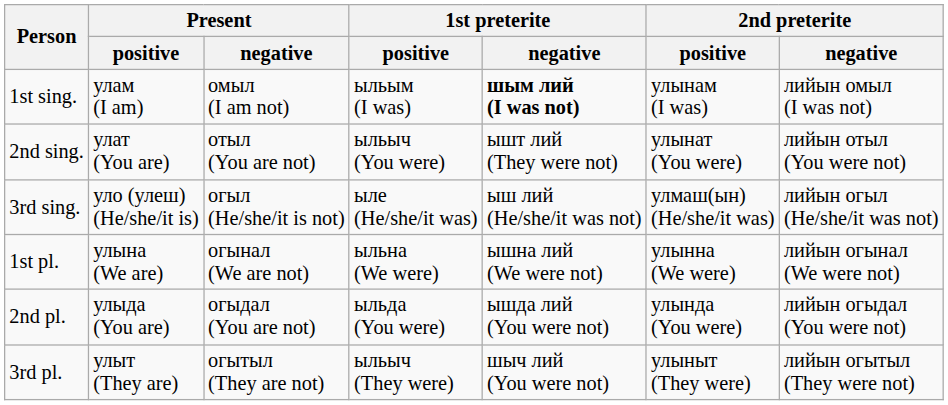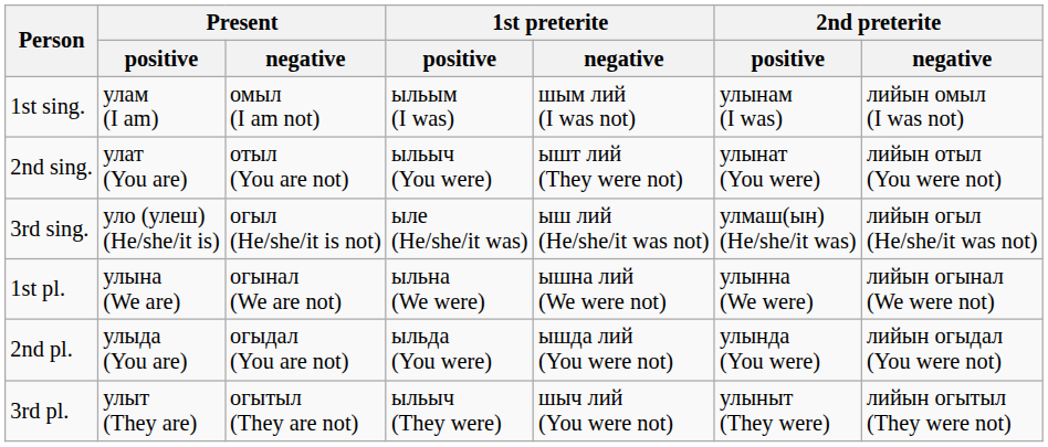 <table class="wikitable">
 <tr>
 <th rowspan="2">Person</th>
 <th colspan="2">Present</th>
 <th colspan="2">1st preterite</th>
 <th colspan="2">2nd preterite</th>
 </tr>
 <tr>
 <th>positive</th>
 <th>negative</th>
 <th>positive</th>
 <th>negative</th>
 <th>positive</th>
 <th>negative</th>
 </tr>
 <tr>
 <td>1st sing.</td>
 <td>улам <br>(I am)</td>
 <td>омыл <br>(I am not)</td>
 <td>ыльым <br>(I was)</td>
-<td><strong>шым лий <br>(I was not)</strong></td>
+<td>шым лий <br>(I was not)</td>
 <td>улынам <br>(I was)</td>
 <td>лийын омыл <br>(I was not)</td>
 </tr>
 <tr>
 <td>2nd sing.</td>
 <td>улат <br>(You are)</td>
 <td>отыл <br>(You are not)</td>
 <td>ыльыч <br>(You were)</td>
 <td>ышт лий <br>(They were not)</td>
 <td>улынат <br>(You were)</td>
 <td>лийын отыл <br>(You were not)</td>
 </tr>
 <tr>
 <td>3rd sing.</td>
 <td>уло (улеш) <br>(He/she/it is)</td>
 <td>огыл <br>(He/she/it is not)</td>
 <td>ыле <br>(He/she/it was)</td>
 <td>ыш лий <br>(He/she/it was not)</td>
 <td>улмаш(ын) <br>(He/she/it was)</td>
 <td>лийын огыл <br>(He/she/it was not)</td>
 </tr>
 <tr>
 <td>1st pl.</td>
 <td>улына <br>(We are)</td>
 <td>огынал <br>(We are not)</td>
 <td>ыльна <br>(We were)</td>
 <td>ышна лий <br>(We were not)</td>
 <td>улынна <br>(We were)</td>
 <td>лийын огынал <br>(We were not)</td>
 </tr>
 <tr>
 <td>2nd pl.</td>
 <td>улыда <br>(You are)</td>
 <td>огыдал <br>(You are not)</td>
 <td>ыльда <br>(You were)</td>
 <td>ышда лий <br>(You were not)</td>
 <td>улында <br>(You were)</td>
 <td>лийын огыдал <br>(You were not)</td>
 </tr>
 <tr>
 <td>3rd pl.</td>
 <td>улыт <br>(They are)</td>
 <td>огытыл <br>(They are not)</td>
 <td>ыльыч <br>(They were)</td>
 <td>шыч лий <br>(You were not)</td>
 <td>улыныт <br>(They were)</td>
 <td>лийын огытыл <br>(They were not)</td>
 </tr>
 </table>
